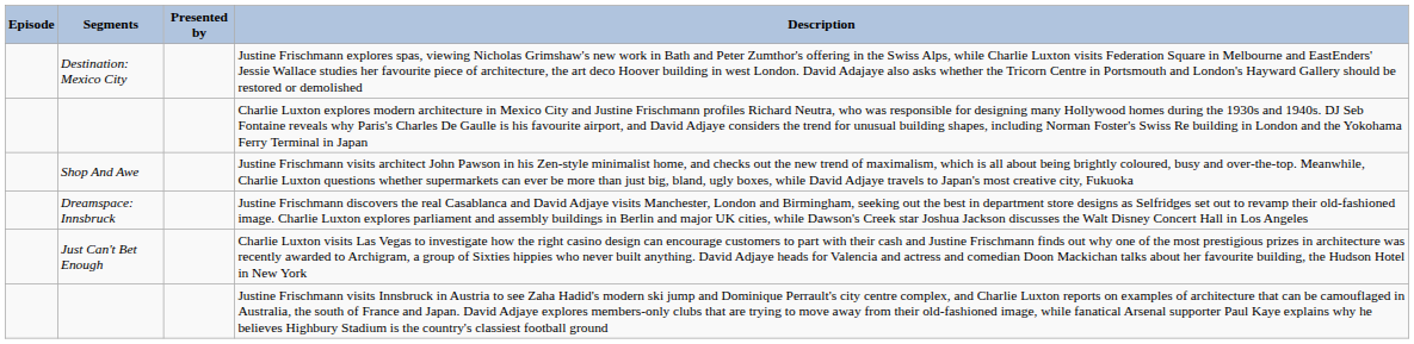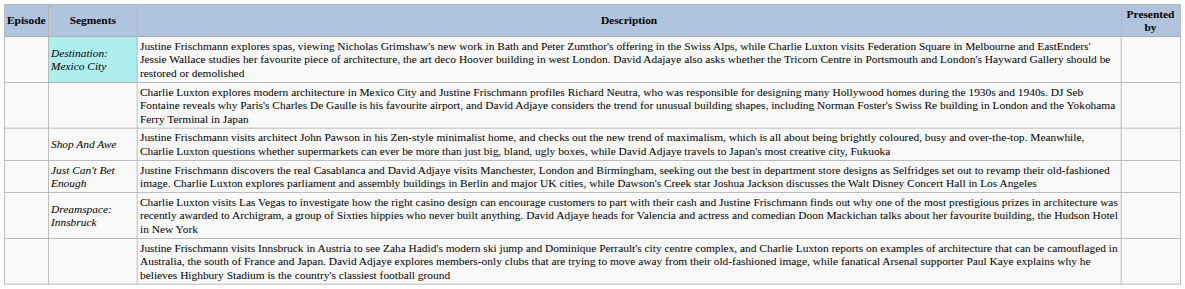 <table class="wikitable" style="font-size:95%;">
 <tr>
 <th style="background:#B0C4DE;">Episode</th>
 <th style="background:#B0C4DE;">Segments</th>
+<th style="background:#B0C4DE;">Description</th>
 <th style="background:#B0C4DE;">Presented by</th>
-<th style="background:#B0C4DE;">Description</th>
 </tr>
 <tr>
 <td rowspan="1"></td>
-<td><em>Destination: Mexico City</em></td>
+<td style="background: paleturquoise;"><em>Destination: Mexico City</em></td>
+<td>Justine Frischmann explores spas, viewing Nicholas Grimshaw's new work in Bath and Peter Zumthor's offering in the Swiss Alps, while Charlie Luxton visits Federation Square in Melbourne and EastEnders' Jessie Wallace studies her favourite piece of architecture, the art deco Hoover building in west London. David Adajaye also asks whether the Tricorn Centre in Portsmouth and London's Hayward Gallery should be restored or demolished</td>
 <td></td>
-<td>Justine Frischmann explores spas, viewing Nicholas Grimshaw's new work in Bath and Peter Zumthor's offering in the Swiss Alps, while Charlie Luxton visits Federation Square in Melbourne and EastEnders' Jessie Wallace studies her favourite piece of architecture, the art deco Hoover building in west London. David Adajaye also asks whether the Tricorn Centre in Portsmouth and London's Hayward Gallery should be restored or demolished</td>
 </tr>
 <tr>
 <td rowspan="1"></td>
 <td></td>
+<td>Charlie Luxton explores modern architecture in Mexico City and Justine Frischmann profiles Richard Neutra, who was responsible for designing many Hollywood homes during the 1930s and 1940s. DJ Seb Fontaine reveals why Paris's Charles De Gaulle is his favourite airport, and David Adjaye considers the trend for unusual building shapes, including Norman Foster's Swiss Re building in London and the Yokohama Ferry Terminal in Japan</td>
 <td></td>
-<td>Charlie Luxton explores modern architecture in Mexico City and Justine Frischmann profiles Richard Neutra, who was responsible for designing many Hollywood homes during the 1930s and 1940s. DJ Seb Fontaine reveals why Paris's Charles De Gaulle is his favourite airport, and David Adjaye considers the trend for unusual building shapes, including Norman Foster's Swiss Re building in London and the Yokohama Ferry Terminal in Japan</td>
 </tr>
 <tr>
 <td rowspan="1"></td>
 <td><em>Shop And Awe</em></td>
+<td>Justine Frischmann visits architect John Pawson in his Zen-style minimalist home, and checks out the new trend of maximalism, which is all about being brightly coloured, busy and over-the-top. Meanwhile, Charlie Luxton questions whether supermarkets can ever be more than just big, bland, ugly boxes, while David Adjaye travels to Japan's most creative city, Fukuoka</td>
 <td></td>
-<td>Justine Frischmann visits architect John Pawson in his Zen-style minimalist home, and checks out the new trend of maximalism, which is all about being brightly coloured, busy and over-the-top. Meanwhile, Charlie Luxton questions whether supermarkets can ever be more than just big, bland, ugly boxes, while David Adjaye travels to Japan's most creative city, Fukuoka</td>
+</tr>
+<tr>
+<td rowspan="1"></td>
+<td><em>Just Can't Bet Enough</em></td>
+<td>Justine Frischmann discovers the real Casablanca and David Adjaye visits Manchester, London and Birmingham, seeking out the best in department store designs as Selfridges set out to revamp their old-fashioned image. Charlie Luxton explores parliament and assembly buildings in Berlin and major UK cities, while Dawson's Creek star Joshua Jackson discusses the Walt Disney Concert Hall in Los Angeles</td>
+<td></td>
 </tr>
 <tr>
 <td rowspan="1"></td>
 <td><em>Dreamspace: Innsbruck</em></td>
+<td>Charlie Luxton visits Las Vegas to investigate how the right casino design can encourage customers to part with their cash and Justine Frischmann finds out why one of the most prestigious prizes in architecture was recently awarded to Archigram, a group of Sixties hippies who never built anything. David Adjaye heads for Valencia and actress and comedian Doon Mackichan talks about her favourite building, the Hudson Hotel in New York</td>
 <td></td>
-<td>Justine Frischmann discovers the real Casablanca and David Adjaye visits Manchester, London and Birmingham, seeking out the best in department store designs as Selfridges set out to revamp their old-fashioned image. Charlie Luxton explores parliament and assembly buildings in Berlin and major UK cities, while Dawson's Creek star Joshua Jackson discusses the Walt Disney Concert Hall in Los Angeles</td>
-</tr>
-<tr>
-<td rowspan="1"></td>
-<td><em>Just Can't Bet Enough</em></td>
-<td></td>
-<td>Charlie Luxton visits Las Vegas to investigate how the right casino design can encourage customers to part with their cash and Justine Frischmann finds out why one of the most prestigious prizes in architecture was recently awarded to Archigram, a group of Sixties hippies who never built anything. David Adjaye heads for Valencia and actress and comedian Doon Mackichan talks about her favourite building, the Hudson Hotel in New York</td>
 </tr>
 <tr>
 <td rowspan="1"></td>
 <td></td>
+<td>Justine Frischmann visits Innsbruck in Austria to see Zaha Hadid's modern ski jump and Dominique Perrault's city centre complex, and Charlie Luxton reports on examples of architecture that can be camouflaged in Australia, the south of France and Japan. David Adjaye explores members-only clubs that are trying to move away from their old-fashioned image, while fanatical Arsenal supporter Paul Kaye explains why he believes Highbury Stadium is the country's classiest football ground</td>
 <td></td>
-<td>Justine Frischmann visits Innsbruck in Austria to see Zaha Hadid's modern ski jump and Dominique Perrault's city centre complex, and Charlie Luxton reports on examples of architecture that can be camouflaged in Australia, the south of France and Japan. David Adjaye explores members-only clubs that are trying to move away from their old-fashioned image, while fanatical Arsenal supporter Paul Kaye explains why he believes Highbury Stadium is the country's classiest football ground</td>
 </tr>
 </table>
